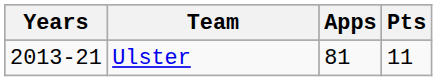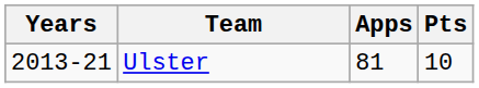 <table class="wikitable" style="text-align:left;">
 <tr>
 <th>Years</th>
 <th width=120px>Team</th>
 <th>Apps</th>
 <th>Pts</th>
 </tr>
 <tr>
 <td>2013-21</td>
 <td><a href='#'>Ulster</a></td>
 <td>81</td>
-<td>11</td>
+<td>10</td>
 </tr>
 </table>
